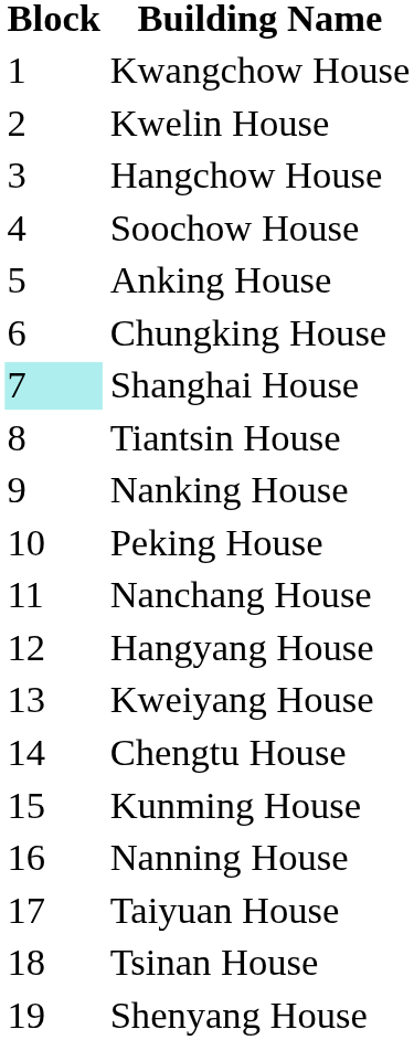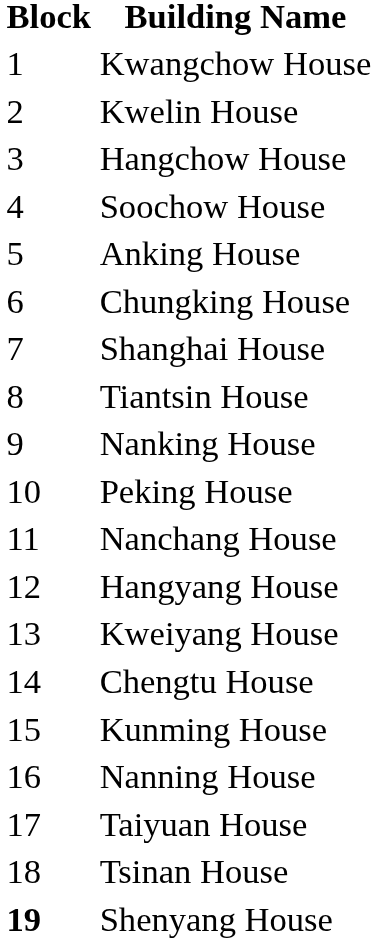 <table>
 <tr>
 <th style="text-align:left;">Block</th>
 <th>Building Name</th>
 </tr>
 <tr>
 <td>1</td>
 <td>Kwangchow House</td>
 </tr>
 <tr>
 <td>2</td>
 <td>Kwelin House</td>
 </tr>
 <tr>
 <td>3</td>
 <td>Hangchow House</td>
 </tr>
 <tr>
 <td>4</td>
 <td>Soochow House</td>
 </tr>
 <tr>
 <td>5</td>
 <td>Anking House</td>
 </tr>
 <tr>
 <td>6</td>
 <td>Chungking House</td>
 </tr>
 <tr>
-<td style="background: paleturquoise;">7</td>
+<td>7</td>
 <td>Shanghai House</td>
 </tr>
 <tr>
 <td>8</td>
 <td>Tiantsin House</td>
 </tr>
 <tr>
 <td>9</td>
 <td>Nanking House</td>
 </tr>
 <tr>
 <td>10</td>
 <td>Peking House</td>
 </tr>
 <tr>
 <td>11</td>
 <td>Nanchang House</td>
 </tr>
 <tr>
 <td>12</td>
 <td>Hangyang House</td>
 </tr>
 <tr>
 <td>13</td>
 <td>Kweiyang House</td>
 </tr>
 <tr>
 <td>14</td>
 <td>Chengtu House</td>
 </tr>
 <tr>
 <td>15</td>
 <td>Kunming House</td>
 </tr>
 <tr>
 <td>16</td>
 <td>Nanning House</td>
 </tr>
 <tr>
 <td>17</td>
 <td>Taiyuan House</td>
 </tr>
 <tr>
 <td>18</td>
 <td>Tsinan House</td>
 </tr>
 <tr>
-<td>19</td>
+<td><strong>19</strong></td>
 <td>Shenyang House</td>
 </tr>
 </table>
